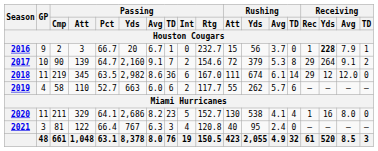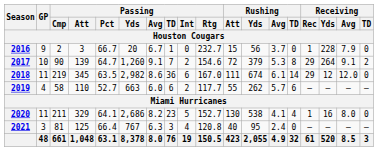 <table class=wikitable style="text-align:center;">
 <tr>
 <th rowspan="2">Season</th>
 <th rowspan="2">GP</th>
 <th colspan="8">Passing</th>
 <th colspan="4">Rushing</th>
 <th colspan="4">Receiving</th>
 </tr>
 <tr>
 <th>Cmp</th>
 <th>Att</th>
 <th>Pct</th>
 <th>Yds</th>
 <th>Avg</th>
 <th>TD</th>
 <th>Int</th>
 <th>Rtg</th>
 <th>Att</th>
 <th>Yds</th>
 <th>Avg</th>
 <th>TD</th>
 <th>Rec</th>
 <th>Yds</th>
 <th>Avg</th>
 <th>TD</th>
 </tr>
 <tr>
 <th colspan="18">Houston Cougars</th>
 </tr>
 <tr>
 <th><a href='#'>2016</a></th>
 <td>9</td>
 <td>2</td>
 <td>3</td>
 <td>66.7</td>
 <td>20</td>
 <td>6.7</td>
 <td>1</td>
 <td>0</td>
 <td>232.7</td>
 <td>15</td>
 <td>56</td>
 <td>3.7</td>
 <td>0</td>
 <td>1</td>
-<td><strong>228</strong></td>
+<td>228</td>
 <td>7.9</td>
-<td>1</td>
+<td>0</td>
 </tr>
 <tr>
 <th><a href='#'>2017</a></th>
 <td>10</td>
 <td>90</td>
 <td>139</td>
 <td>64.7</td>
-<td>2,160</td>
+<td>1,260</td>
 <td>9.1</td>
 <td>7</td>
 <td>2</td>
 <td>154.6</td>
 <td>72</td>
 <td>379</td>
 <td>5.3</td>
 <td>8</td>
 <td>29</td>
 <td>264</td>
 <td>9.1</td>
 <td>2</td>
 </tr>
 <tr>
 <th><a href='#'>2018</a></th>
 <td>11</td>
 <td>219</td>
 <td>345</td>
 <td>63.5</td>
 <td>2,982</td>
 <td>8.6</td>
 <td>36</td>
 <td>6</td>
 <td>167.0</td>
 <td>111</td>
 <td>674</td>
 <td>6.1</td>
 <td>14</td>
 <td>29</td>
 <td>12</td>
 <td>12.0</td>
 <td>0</td>
 </tr>
 <tr>
 <th><a href='#'>2019</a> </th>
 <td>4</td>
 <td>58</td>
 <td>110</td>
 <td>52.7</td>
 <td>663</td>
 <td>6.0</td>
 <td>6</td>
 <td>2</td>
 <td>117.7</td>
 <td>55</td>
 <td>262</td>
 <td>5.7</td>
 <td>6</td>
 <td>—</td>
 <td>—</td>
 <td>—</td>
 <td>—</td>
 </tr>
 <tr>
 <th colspan="18">Miami Hurricanes</th>
 </tr>
 <tr>
 <th><a href='#'>2020</a></th>
 <td>11</td>
 <td>211</td>
 <td>329</td>
 <td>64.1</td>
 <td>2,686</td>
 <td>8.2</td>
 <td>23</td>
 <td>5</td>
 <td>152.7</td>
 <td>130</td>
 <td>538</td>
 <td>4.1</td>
 <td>4</td>
 <td>1</td>
 <td>16</td>
 <td>8.0</td>
 <td>0</td>
 </tr>
 <tr>
 <th><a href='#'>2021</a></th>
 <td>3</td>
 <td>81</td>
-<td>122</td>
+<td>125</td>
 <td>66.4</td>
 <td>767</td>
 <td>6.3</td>
 <td>3</td>
 <td>4</td>
 <td>120.8</td>
 <td>40</td>
 <td>95</td>
 <td>2.4</td>
 <td>0</td>
 <td>—</td>
 <td>—</td>
 <td>—</td>
 <td>—</td>
 </tr>
 <tr>
 <th></th>
 <th>48</th>
 <th>661</th>
 <th>1,048</th>
 <th>63.1</th>
 <th>8,378</th>
 <th>8.0</th>
 <th>76</th>
 <th>19</th>
 <th>150.5</th>
 <th>423</th>
 <th>2,055</th>
 <th>4.9</th>
 <th>32</th>
 <th>61</th>
 <th>520</th>
 <th>8.5</th>
 <th>3</th>
 </tr>
 </table>
